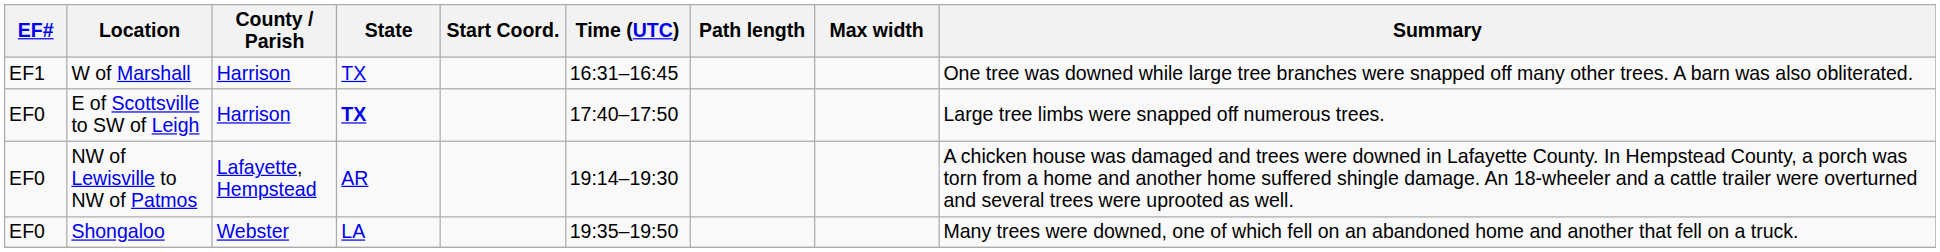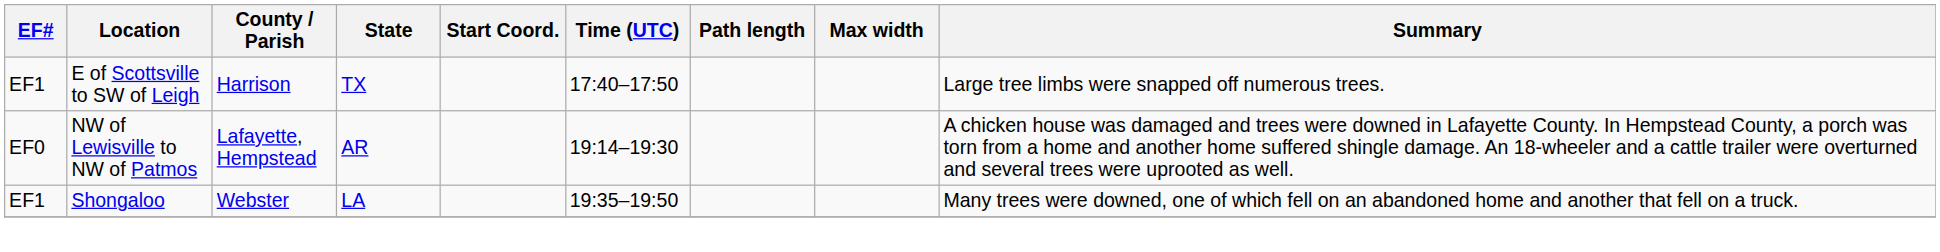 <table class="wikitable sortable" style="width:100%;">
 <tr>
 <th scope="col"  style="width:3%; text-align:center;"><a href='#'>EF#</a></th>
 <th scope="col"  style="width:7%; text-align:center;" class="unsortable">Location</th>
 <th scope="col"  style="width:6%; text-align:center;" class="unsortable">County / Parish</th>
 <th scope="col"  style="width:5%; text-align:center;">State</th>
 <th scope="col"  style="width:6%; text-align:center;">Start Coord.</th>
 <th scope="col"  style="width:6%; text-align:center;">Time (<a href='#'>UTC</a>)</th>
 <th scope="col"  style="width:6%; text-align:center;">Path length</th>
 <th scope="col"  style="width:6%; text-align:center;">Max width</th>
 <th scope="col" class="unsortable" style="width:48%; text-align:center;">Summary</th>
 </tr>
 <tr>
 <td>EF1</td>
-<td>W of <a href='#'>Marshall</a></td>
+<td>E of <a href='#'>Scottsville</a> to SW of <a href='#'>Leigh</a></td>
 <td><a href='#'>Harrison</a></td>
 <td><a href='#'>TX</a></td>
-<td></td>
-<td>16:31–16:45</td>
-<td></td>
-<td></td>
-<td>One tree was downed while large tree branches were snapped off many other trees. A barn was also obliterated.</td>
-</tr>
-<tr>
-<td>EF0</td>
-<td>E of <a href='#'>Scottsville</a> to SW of <a href='#'>Leigh</a></td>
-<td><a href='#'>Harrison</a></td>
-<td><strong><a href='#'>TX</a></strong></td>
 <td></td>
 <td>17:40–17:50</td>
 <td></td>
 <td></td>
 <td>Large tree limbs were snapped off numerous trees.</td>
 </tr>
 <tr>
 <td>EF0</td>
 <td>NW of <a href='#'>Lewisville</a> to NW of <a href='#'>Patmos</a></td>
 <td><a href='#'>Lafayette</a>, <a href='#'>Hempstead</a></td>
 <td><a href='#'>AR</a></td>
 <td></td>
 <td>19:14–19:30</td>
 <td></td>
 <td></td>
 <td>A chicken house was damaged and trees were downed in Lafayette County. In Hempstead County, a porch was torn from a home and another home suffered shingle damage. An 18-wheeler and a cattle trailer were overturned and several trees were uprooted as well.</td>
 </tr>
 <tr>
-<td>EF0</td>
+<td>EF1</td>
 <td><a href='#'>Shongaloo</a></td>
 <td><a href='#'>Webster</a></td>
 <td><a href='#'>LA</a></td>
 <td></td>
 <td>19:35–19:50</td>
 <td></td>
 <td></td>
 <td>Many trees were downed, one of which fell on an abandoned home and another that fell on a truck.</td>
 </tr>
 <tr>
 </tr>
 </table>
